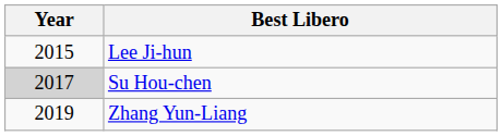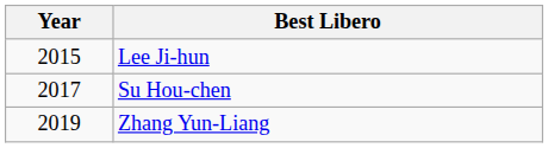 <table class=wikitable style="width: 400px;">
 <tr>
 <th style="width: 20%;">Year</th>
 <th style="width: 80%;">Best Libero</th>
 </tr>
 <tr>
 <td align=center>2015</td>
 <td> <a href='#'>Lee Ji-hun</a></td>
 </tr>
 <tr>
-<td align=center style="background: lightgrey;">2017</td>
+<td align=center>2017</td>
 <td> <a href='#'>Su Hou-chen</a></td>
 </tr>
 <tr>
 <td align=center>2019</td>
 <td> <a href='#'>Zhang Yun-Liang</a></td>
 </tr>
 </table>
